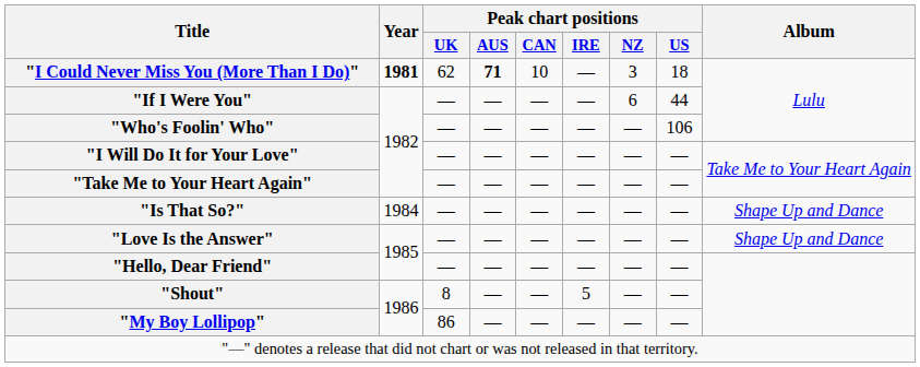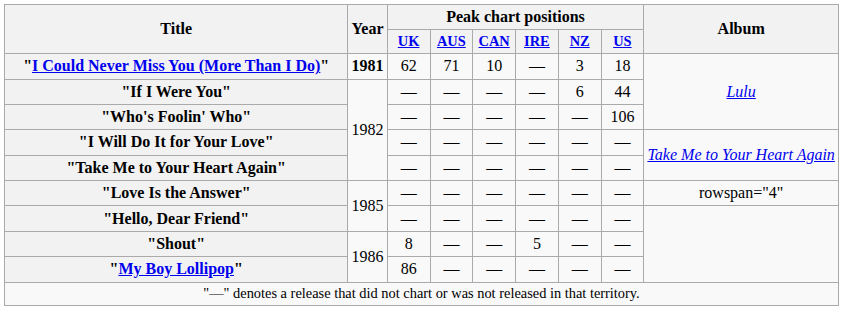 <table class="wikitable plainrowheaders" style="text-align:center;">
 <tr>
 <th scope="col" rowspan="2" style="width:21em;">Title</th>
 <th scope="col" rowspan="2">Year</th>
 <th scope="col" colspan="6">Peak chart positions</th>
 <th scope="col" rowspan="2">Album</th>
 </tr>
 <tr>
 <th style="width:2.5em;font-size:90%"><a href='#'>UK</a><br></th>
 <th style="width:2.5em;font-size:90%"><a href='#'>AUS</a><br></th>
 <th style="width:2.5em;font-size:90%"><a href='#'>CAN</a></th>
 <th style="width:2.5em;font-size:90%"><a href='#'>IRE</a></th>
 <th style="width:2.5em;font-size:90%"><a href='#'>NZ</a></th>
 <th style="width:2.5em;font-size:90%"><a href='#'>US</a><br></th>
 </tr>
 <tr>
 <th scope="row">"<a href='#'>I Could Never Miss You (More Than I Do)</a>"</th>
 <td><strong>1981</strong></td>
 <td>62</td>
-<td><strong>71</strong></td>
+<td>71</td>
 <td>10</td>
 <td>—</td>
 <td>3</td>
 <td>18</td>
 <td rowspan="3"><em><a href='#'>Lulu</a></em></td>
 </tr>
 <tr>
 <th scope="row">"If I Were You"</th>
 <td rowspan="4">1982</td>
 <td>—</td>
 <td>—</td>
 <td>—</td>
 <td>—</td>
 <td>6</td>
 <td>44</td>
 </tr>
 <tr>
 <th scope="row">"Who's Foolin' Who"</th>
 <td>—</td>
 <td>—</td>
 <td>—</td>
 <td>—</td>
 <td>—</td>
 <td>106</td>
 </tr>
 <tr>
 <th scope="row">"I Will Do It for Your Love"</th>
 <td>—</td>
 <td>—</td>
 <td>—</td>
 <td>—</td>
 <td>—</td>
 <td>—</td>
 <td rowspan="2"><em><a href='#'>Take Me to Your Heart Again</a></em></td>
 </tr>
 <tr>
 <th scope="row">"Take Me to Your Heart Again"</th>
 <td>—</td>
 <td>—</td>
 <td>—</td>
 <td>—</td>
 <td>—</td>
 <td>—</td>
 </tr>
 <tr>
-<th scope="row">"Is That So?"</th>
-<td>1984</td>
-<td>—</td>
-<td>—</td>
-<td>—</td>
-<td>—</td>
-<td>—</td>
-<td>—</td>
-<td><em><a href='#'>Shape Up and Dance</a></em></td>
-</tr>
-<tr>
 <th scope="row">"Love Is the Answer"</th>
 <td rowspan="2">1985</td>
 <td>—</td>
 <td>—</td>
 <td>—</td>
 <td>—</td>
 <td>—</td>
 <td>—</td>
-<td><em><a href='#'>Shape Up and Dance</a></em></td>
+<td>rowspan="4" </td>
 </tr>
 <tr>
 <th scope="row">"Hello, Dear Friend"</th>
 <td>—</td>
 <td>—</td>
 <td>—</td>
 <td>—</td>
 <td>—</td>
 <td>—</td>
 </tr>
 <tr>
 <th scope="row">"Shout" </th>
 <td rowspan="2">1986</td>
 <td>8</td>
 <td>—</td>
 <td>—</td>
 <td>5</td>
 <td>—</td>
 <td>—</td>
 </tr>
 <tr>
 <th scope="row">"<a href='#'>My Boy Lollipop</a>"</th>
 <td>86</td>
 <td>—</td>
 <td>—</td>
 <td>—</td>
 <td>—</td>
 <td>—</td>
 </tr>
 <tr>
 <td colspan="9" style="font-size:90%">"—" denotes a release that did not chart or was not released in that territory.</td>
 </tr>
 </table>
